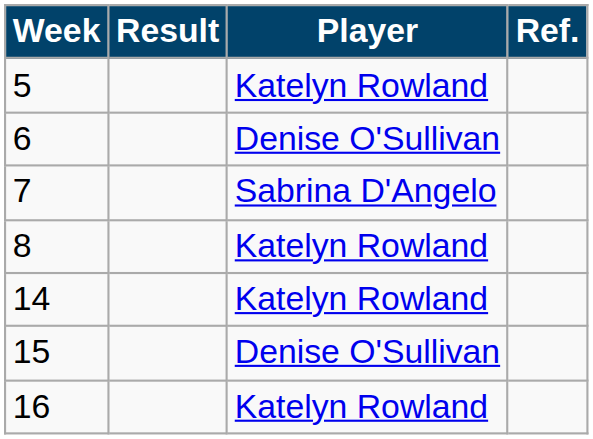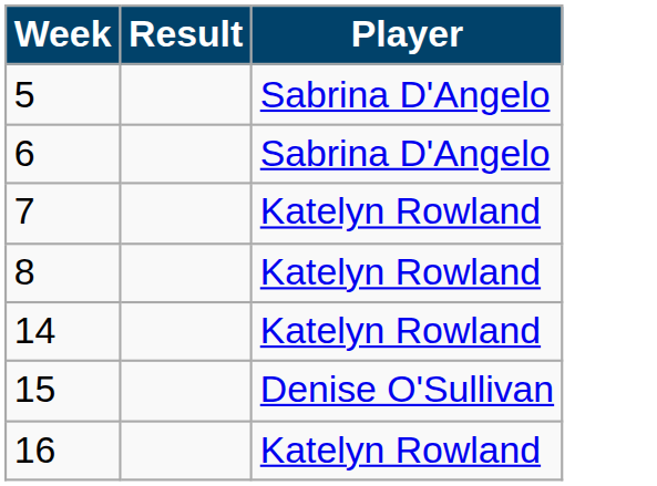 <table class=wikitable>
 <tr>
 <th style="background:#01426A; color:white;">Week</th>
 <th style="background:#01426A; color:white;">Result</th>
 <th style="background:#01426A; color:white;">Player</th>
-<th style="background:#01426A; color:white;">Ref.</th>
 </tr>
 <tr>
 <td>5</td>
 <td></td>
-<td> <a href='#'>Katelyn Rowland</a></td>
-<td></td>
+<td> <a href='#'>Sabrina D'Angelo</a></td>
 </tr>
 <tr>
 <td>6</td>
 <td></td>
-<td> <a href='#'>Denise O'Sullivan</a></td>
-<td></td>
+<td> <a href='#'>Sabrina D'Angelo</a></td>
 </tr>
 <tr>
 <td>7</td>
 <td></td>
-<td> <a href='#'>Sabrina D'Angelo</a></td>
-<td></td>
+<td> <a href='#'>Katelyn Rowland</a></td>
 </tr>
 <tr>
 <td>8</td>
 <td></td>
 <td> <a href='#'>Katelyn Rowland</a></td>
-<td></td>
 </tr>
 <tr>
 <td>14</td>
 <td></td>
 <td> <a href='#'>Katelyn Rowland</a></td>
-<td></td>
 </tr>
 <tr>
 <td>15</td>
 <td></td>
 <td> <a href='#'>Denise O'Sullivan</a></td>
-<td></td>
 </tr>
 <tr>
 <td>16</td>
 <td></td>
 <td> <a href='#'>Katelyn Rowland</a></td>
-<td></td>
 </tr>
 </table>
